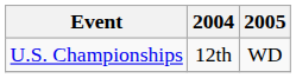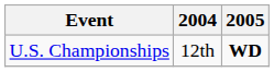 <table class="wikitable">
 <tr>
 <th>Event</th>
 <th>2004</th>
 <th>2005</th>
 </tr>
 <tr>
 <td><a href='#'>U.S. Championships</a></td>
 <td align="center">12th</td>
-<td align="center">WD</td>
+<td align="center"><strong>WD</strong></td>
 </tr>
 <tr>
 </tr>
 </table>
